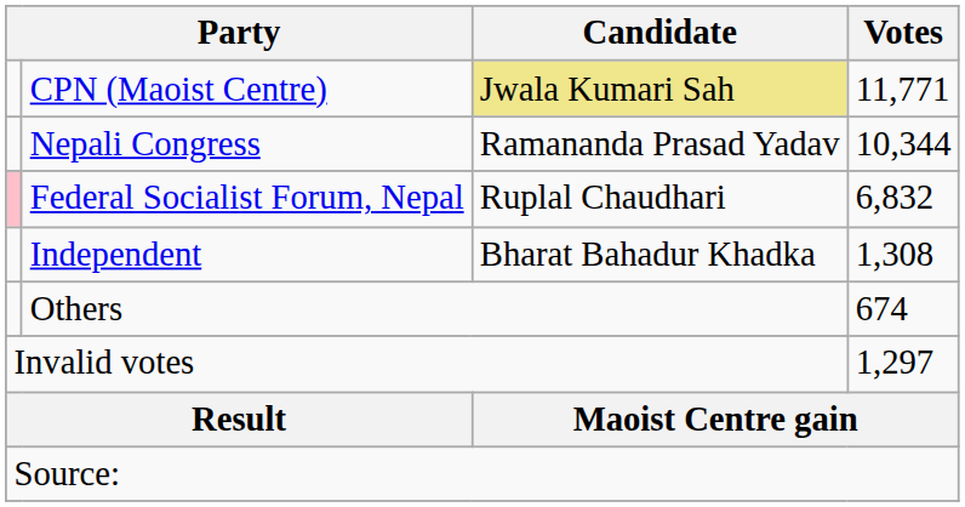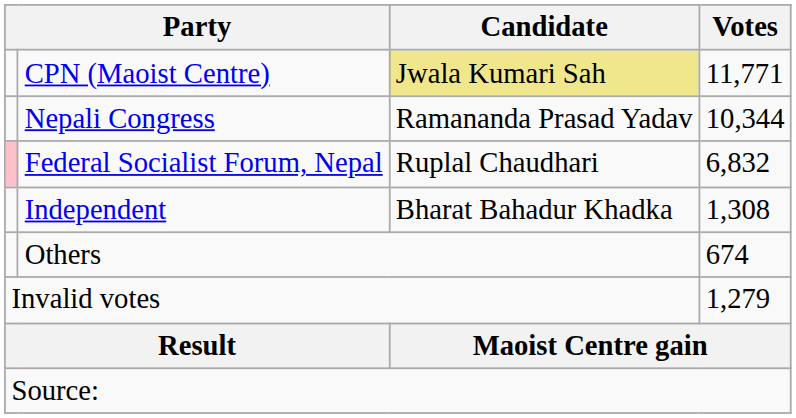 <table class="wikitable">
 <tr>
 <th colspan="2">Party</th>
 <th>Candidate</th>
 <th>Votes</th>
 </tr>
 <tr>
 <td style="background-color:"></td>
 <td><a href='#'>CPN (Maoist Centre)</a></td>
 <td style="background: khaki;">Jwala Kumari Sah</td>
 <td>11,771</td>
 </tr>
 <tr>
 <td style="background-color:"></td>
 <td><a href='#'>Nepali Congress</a></td>
 <td>Ramananda Prasad Yadav</td>
 <td>10,344</td>
 </tr>
 <tr>
 <td style="background-color:#ffc0cb"></td>
 <td><a href='#'>Federal Socialist Forum, Nepal</a></td>
 <td>Ruplal Chaudhari</td>
 <td>6,832</td>
 </tr>
 <tr>
 <td style="background-color:"></td>
 <td><a href='#'>Independent</a></td>
 <td>Bharat Bahadur Khadka</td>
 <td>1,308</td>
 </tr>
 <tr>
 <td></td>
 <td colspan="2">Others</td>
 <td>674</td>
 </tr>
 <tr>
 <td colspan="3">Invalid votes</td>
-<td>1,297</td>
+<td>1,279</td>
 </tr>
 <tr>
 <th colspan="2">Result</th>
 <th colspan="2">Maoist Centre gain</th>
 </tr>
 <tr>
 <td colspan="4">Source: </td>
 </tr>
 </table>
